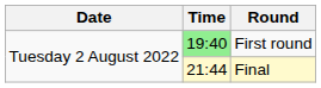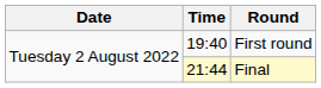 <table class="wikitable">
 <tr>
 <th>Date</th>
 <th>Time</th>
 <th>Round</th>
 </tr>
 <tr>
 <td rowspan=2>Tuesday 2 August 2022</td>
-<td style="background: lightgreen;">19:40</td>
+<td>19:40</td>
 <td>First round</td>
 </tr>
 <tr>
 <td style=background:lemonchiffon>21:44</td>
 <td style=background:lemonchiffon>Final</td>
 </tr>
 </table>
